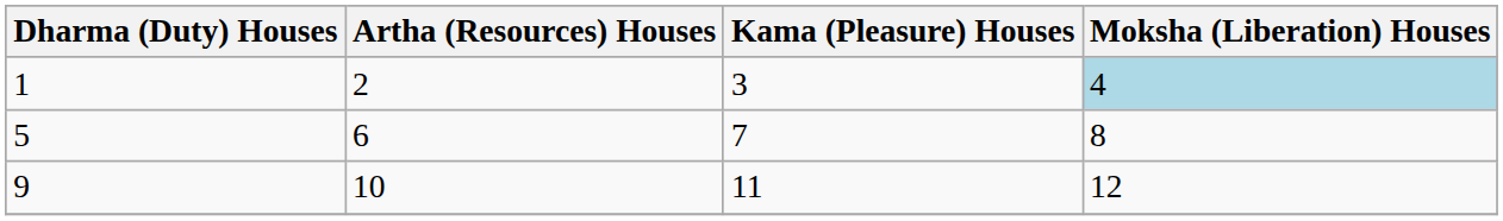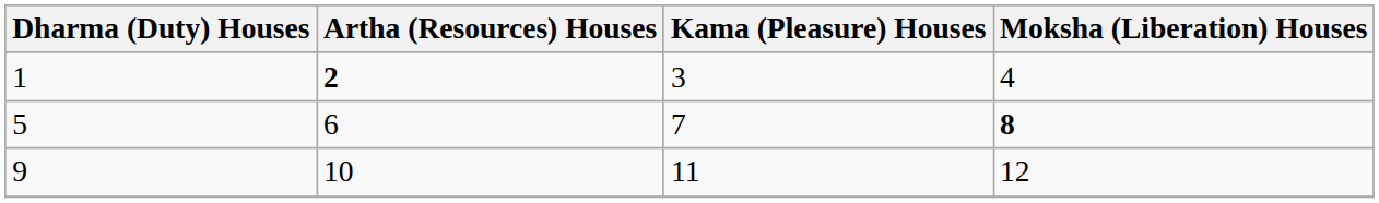 <table class="wikitable sortable">
 <tr>
 <th>Dharma (Duty) Houses</th>
 <th>Artha (Resources) Houses</th>
 <th>Kama (Pleasure) Houses</th>
 <th>Moksha (Liberation) Houses</th>
 </tr>
 <tr>
 <td>1</td>
-<td>2</td>
+<td><strong>2</strong></td>
 <td>3</td>
-<td style="background: lightblue;">4</td>
+<td>4</td>
 </tr>
 <tr>
 <td>5</td>
 <td>6</td>
 <td>7</td>
-<td>8</td>
+<td><strong>8</strong></td>
 </tr>
 <tr>
 <td>9</td>
 <td>10</td>
 <td>11</td>
 <td>12</td>
 </tr>
 <tr>
 </tr>
 </table>
